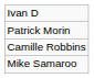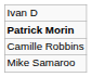 <table class="wikitable" border="1">
 <tr>
 <td>Ivan D</td>
 </tr>
 <tr>
-<td>Patrick Morin</td>
+<td><strong>Patrick Morin</strong></td>
 </tr>
 <tr>
 <td>Camille Robbins</td>
 </tr>
 <tr>
 <td>Mike Samaroo</td>
 </tr>
 </table>
